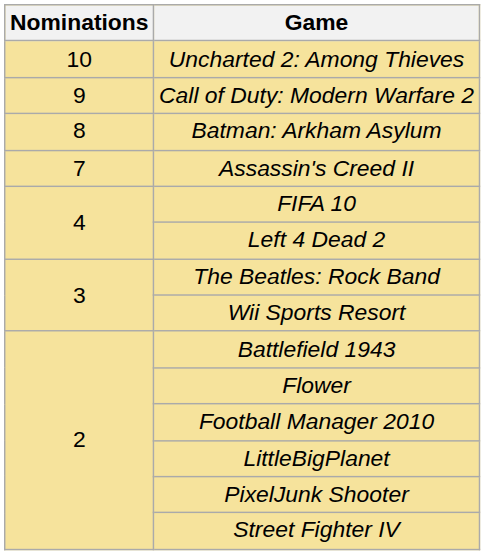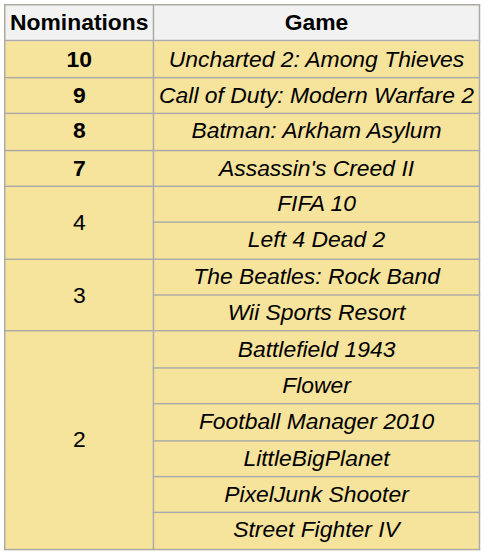 <table class="wikitable" rowspan=2 style="text-align: center; background: #f6e39c">
 <tr>
 <th scope="col" width="55">Nominations</th>
 <th scope="col" align="center">Game</th>
 </tr>
 <tr>
-<td style="text-align:center">10</td>
+<td style="text-align:center"><strong>10</strong></td>
 <td><em>Uncharted 2: Among Thieves</em></td>
 </tr>
 <tr>
-<td style="text-align:center">9</td>
+<td style="text-align:center"><strong>9</strong></td>
 <td><em>Call of Duty: Modern Warfare 2</em></td>
 </tr>
 <tr>
-<td style="text-align:center">8</td>
+<td style="text-align:center"><strong>8</strong></td>
 <td><em>Batman: Arkham Asylum</em></td>
 </tr>
 <tr>
-<td style="text-align:center">7</td>
+<td style="text-align:center"><strong>7</strong></td>
 <td><em>Assassin's Creed II</em></td>
 </tr>
 <tr>
 <td rowspan=2 style="text-align:center">4</td>
 <td><em>FIFA 10</em></td>
 </tr>
 <tr>
 <td><em>Left 4 Dead 2</em></td>
 </tr>
 <tr>
 <td rowspan=2 style="text-align:center">3</td>
 <td><em>The Beatles: Rock Band</em></td>
 </tr>
 <tr>
 <td><em>Wii Sports Resort</em></td>
 </tr>
 <tr>
 <td rowspan=6 style="text-align:center">2</td>
 <td><em>Battlefield 1943</em></td>
 </tr>
 <tr>
 <td><em>Flower</em></td>
 </tr>
 <tr>
 <td><em>Football Manager 2010</em></td>
 </tr>
 <tr>
 <td><em>LittleBigPlanet</em></td>
 </tr>
 <tr>
 <td><em>PixelJunk Shooter</em></td>
 </tr>
 <tr>
 <td><em>Street Fighter IV</em></td>
 </tr>
 </table>
